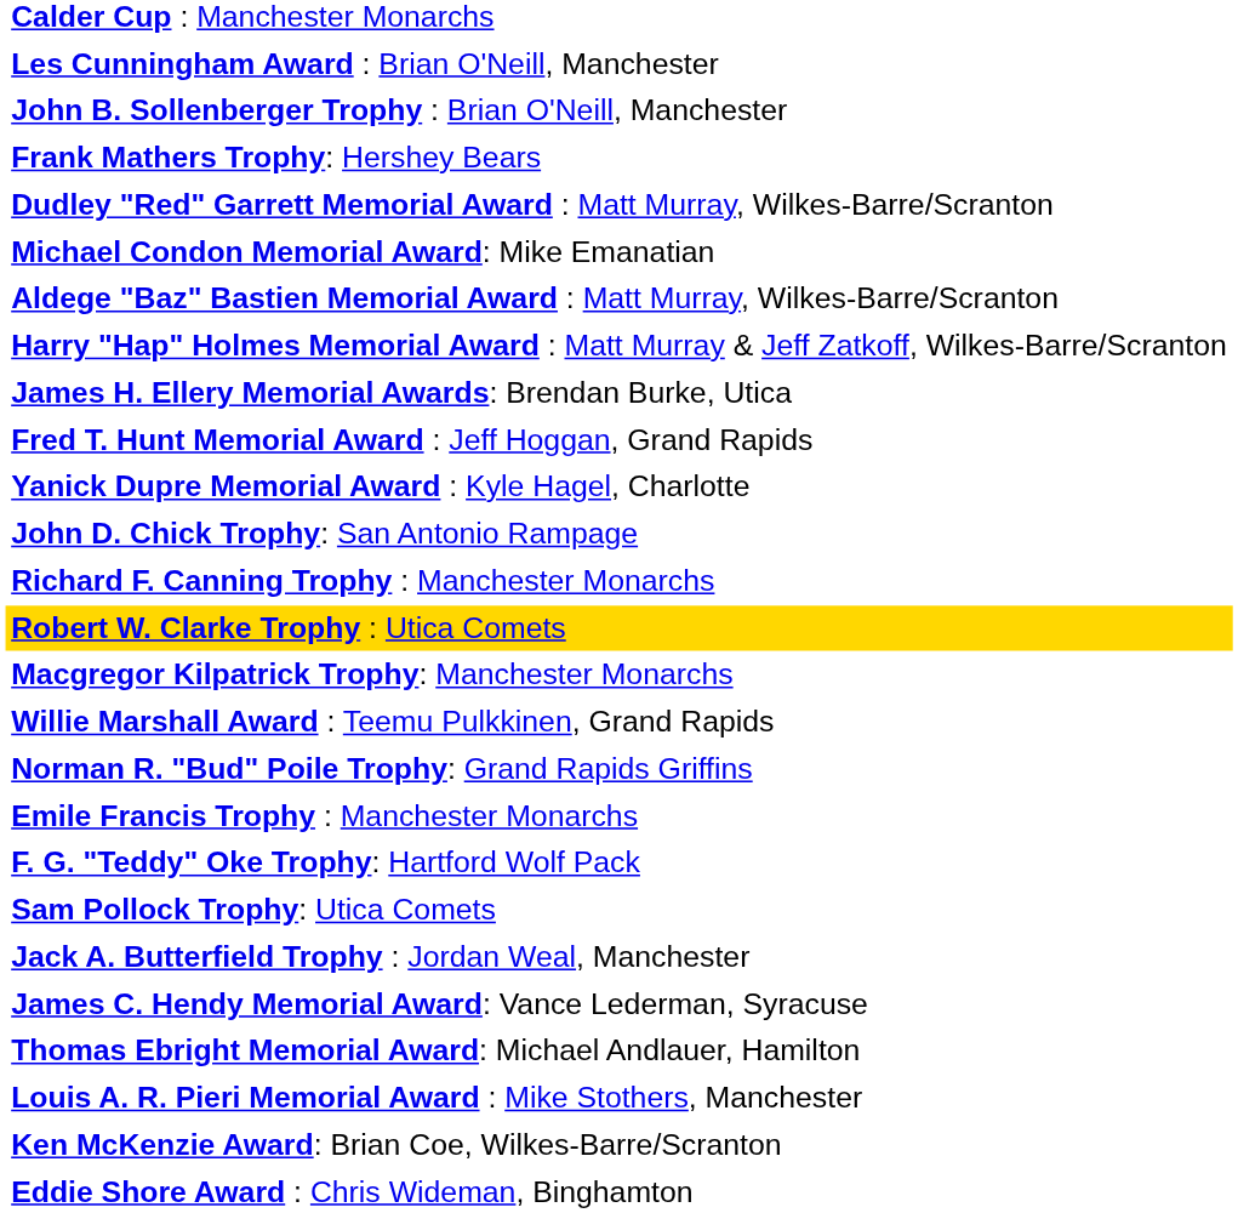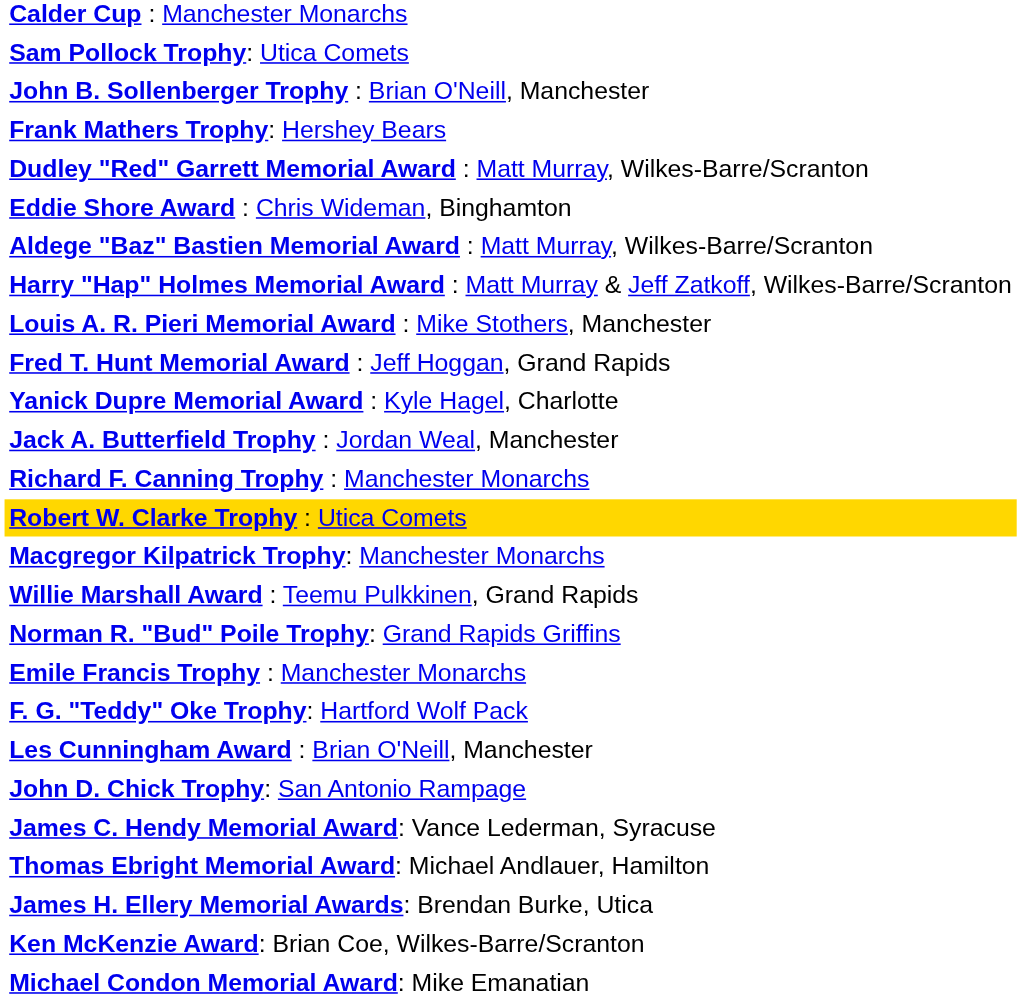 <table cellpadding="3" cellspacing="1">
 <tr>
 <td><strong><a href='#'>Calder Cup</a> </strong>: <a href='#'>Manchester Monarchs</a></td>
 </tr>
 <tr>
-<td><strong><a href='#'>Les Cunningham Award</a> </strong>: <a href='#'>Brian O'Neill</a>, Manchester</td>
+<td><strong><a href='#'>Sam Pollock Trophy</a></strong>: <a href='#'>Utica Comets</a></td>
 </tr>
 <tr>
 <td><strong><a href='#'>John B. Sollenberger Trophy</a> </strong>: <a href='#'>Brian O'Neill</a>, Manchester</td>
 </tr>
 <tr>
 <td><strong><a href='#'>Frank Mathers Trophy</a></strong>: <a href='#'>Hershey Bears</a></td>
 </tr>
 <tr>
 <td><strong><a href='#'>Dudley "Red" Garrett Memorial Award</a> </strong>: <a href='#'>Matt Murray</a>, Wilkes-Barre/Scranton</td>
 </tr>
 <tr>
-<td><strong><a href='#'>Michael Condon Memorial Award</a></strong>: Mike Emanatian</td>
+<td><strong><a href='#'>Eddie Shore Award</a> </strong>: <a href='#'>Chris Wideman</a>, Binghamton</td>
 </tr>
 <tr>
 <td><strong><a href='#'>Aldege "Baz" Bastien Memorial Award</a> </strong>: <a href='#'>Matt Murray</a>, Wilkes-Barre/Scranton</td>
 </tr>
 <tr>
 <td><strong><a href='#'>Harry "Hap" Holmes Memorial Award</a> </strong>: <a href='#'>Matt Murray</a> & <a href='#'>Jeff Zatkoff</a>, Wilkes-Barre/Scranton</td>
 </tr>
 <tr>
-<td><strong><a href='#'>James H. Ellery Memorial Awards</a></strong>: Brendan Burke, Utica</td>
+<td><strong><a href='#'>Louis A. R. Pieri Memorial Award</a> </strong>: <a href='#'>Mike Stothers</a>, Manchester</td>
 </tr>
 <tr>
 <td><strong><a href='#'>Fred T. Hunt Memorial Award</a> </strong>: <a href='#'>Jeff Hoggan</a>, Grand Rapids</td>
 </tr>
 <tr>
 <td><strong><a href='#'>Yanick Dupre Memorial Award</a> </strong>: <a href='#'>Kyle Hagel</a>, Charlotte</td>
 </tr>
 <tr>
-<td><strong><a href='#'>John D. Chick Trophy</a></strong>: <a href='#'>San Antonio Rampage</a></td>
+<td><strong><a href='#'>Jack A. Butterfield Trophy</a> </strong>: <a href='#'>Jordan Weal</a>, Manchester</td>
 </tr>
 <tr>
 <td><strong><a href='#'>Richard F. Canning Trophy</a> </strong>: <a href='#'>Manchester Monarchs</a></td>
 </tr>
 <tr>
 <td style="background: gold;"><strong><a href='#'>Robert W. Clarke Trophy</a> </strong>: <a href='#'>Utica Comets</a></td>
 </tr>
 <tr>
 <td><strong><a href='#'>Macgregor Kilpatrick Trophy</a></strong>: <a href='#'>Manchester Monarchs</a></td>
 </tr>
 <tr>
 <td><strong><a href='#'>Willie Marshall Award</a> </strong>: <a href='#'>Teemu Pulkkinen</a>, Grand Rapids</td>
 </tr>
 <tr>
 <td><strong><a href='#'>Norman R. "Bud" Poile Trophy</a></strong>: <a href='#'>Grand Rapids Griffins</a></td>
 </tr>
 <tr>
 <td><strong><a href='#'>Emile Francis Trophy</a> </strong>: <a href='#'>Manchester Monarchs</a></td>
 </tr>
 <tr>
 <td><strong><a href='#'>F. G. "Teddy" Oke Trophy</a></strong>: <a href='#'>Hartford Wolf Pack</a></td>
 </tr>
 <tr>
-<td><strong><a href='#'>Sam Pollock Trophy</a></strong>: <a href='#'>Utica Comets</a></td>
+<td><strong><a href='#'>Les Cunningham Award</a> </strong>: <a href='#'>Brian O'Neill</a>, Manchester</td>
 </tr>
 <tr>
-<td><strong><a href='#'>Jack A. Butterfield Trophy</a> </strong>: <a href='#'>Jordan Weal</a>, Manchester</td>
+<td><strong><a href='#'>John D. Chick Trophy</a></strong>: <a href='#'>San Antonio Rampage</a></td>
 </tr>
 <tr>
 <td><strong><a href='#'>James C. Hendy Memorial Award</a></strong>: Vance Lederman, Syracuse</td>
 </tr>
 <tr>
 <td><strong><a href='#'>Thomas Ebright Memorial Award</a></strong>: Michael Andlauer, Hamilton</td>
 </tr>
 <tr>
-<td><strong><a href='#'>Louis A. R. Pieri Memorial Award</a> </strong>: <a href='#'>Mike Stothers</a>, Manchester</td>
+<td><strong><a href='#'>James H. Ellery Memorial Awards</a></strong>: Brendan Burke, Utica</td>
 </tr>
 <tr>
 <td><strong><a href='#'>Ken McKenzie Award</a></strong>: Brian Coe, Wilkes-Barre/Scranton</td>
 </tr>
 <tr>
-<td><strong><a href='#'>Eddie Shore Award</a> </strong>: <a href='#'>Chris Wideman</a>, Binghamton</td>
+<td><strong><a href='#'>Michael Condon Memorial Award</a></strong>: Mike Emanatian</td>
 </tr>
 </table>
